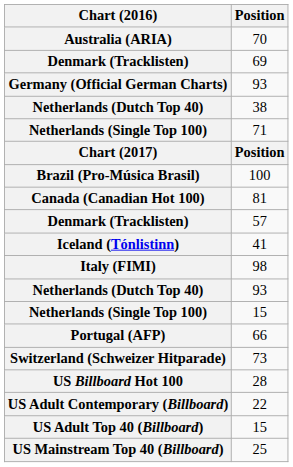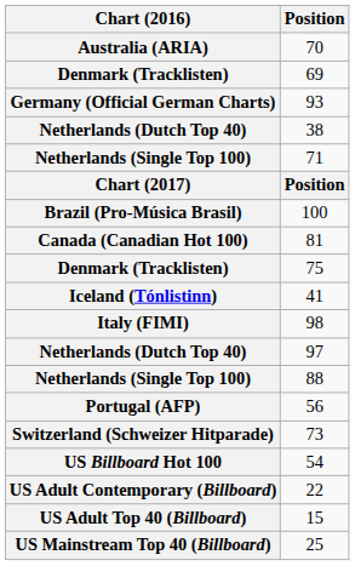 <table class="wikitable sortable plainrowheaders" style="text-align:center">
 <tr>
 <th scope="col">Chart (2016)</th>
 <th scope="col">Position</th>
 </tr>
 <tr>
 <th scope="row">Australia (ARIA)</th>
 <td>70</td>
 </tr>
 <tr>
 <th scope="row">Denmark (Tracklisten)</th>
 <td>69</td>
 </tr>
 <tr>
 <th scope="row">Germany (Official German Charts)</th>
 <td>93</td>
 </tr>
 <tr>
 <th scope="row">Netherlands (Dutch Top 40)</th>
 <td>38</td>
 </tr>
 <tr>
 <th scope="row">Netherlands (Single Top 100)</th>
 <td>71</td>
 </tr>
 <tr>
 <th>Chart (2017)</th>
 <th>Position</th>
 </tr>
 <tr>
 <th scope="row">Brazil (Pro-Música Brasil)</th>
 <td>100</td>
 </tr>
 <tr>
 <th scope="row">Canada (Canadian Hot 100)</th>
 <td>81</td>
 </tr>
 <tr>
 <th scope="row">Denmark (Tracklisten)</th>
-<td>57</td>
+<td>75</td>
 </tr>
 <tr>
 <th scope="row">Iceland (<a href='#'>Tónlistinn</a>)</th>
 <td>41</td>
 </tr>
 <tr>
 <th scope="row">Italy (FIMI)</th>
 <td>98</td>
 </tr>
 <tr>
 <th scope="row">Netherlands (Dutch Top 40)</th>
-<td>93</td>
+<td>97</td>
 </tr>
 <tr>
 <th scope="row">Netherlands (Single Top 100)</th>
-<td>15</td>
+<td>88</td>
 </tr>
 <tr>
 <th scope="row">Portugal (AFP)</th>
-<td>66</td>
+<td>56</td>
 </tr>
 <tr>
 <th scope="row">Switzerland (Schweizer Hitparade)</th>
 <td>73</td>
 </tr>
 <tr>
 <th scope="row">US <em>Billboard</em> Hot 100</th>
-<td>28</td>
+<td>54</td>
 </tr>
 <tr>
 <th scope="row">US Adult Contemporary (<em>Billboard</em>)</th>
 <td>22</td>
 </tr>
 <tr>
 <th scope="row">US Adult Top 40 (<em>Billboard</em>)</th>
 <td>15</td>
 </tr>
 <tr>
 <th scope="row">US Mainstream Top 40 (<em>Billboard</em>)</th>
 <td>25</td>
 </tr>
 </table>
